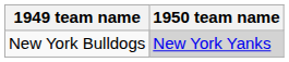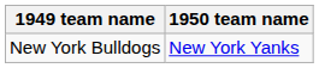 <table class="wikitable">
 <tr>
 <th>1949 team name</th>
 <th>1950 team name</th>
 </tr>
 <tr>
 <td>New York Bulldogs</td>
-<td style="background: lightgrey;"><a href='#'>New York Yanks</a></td>
+<td><a href='#'>New York Yanks</a></td>
 </tr>
 </table>
